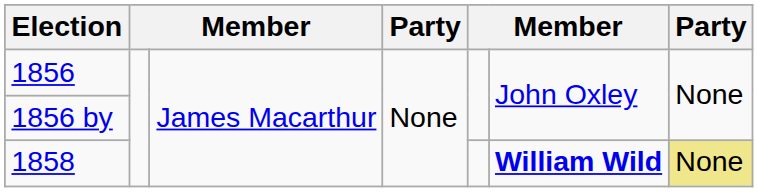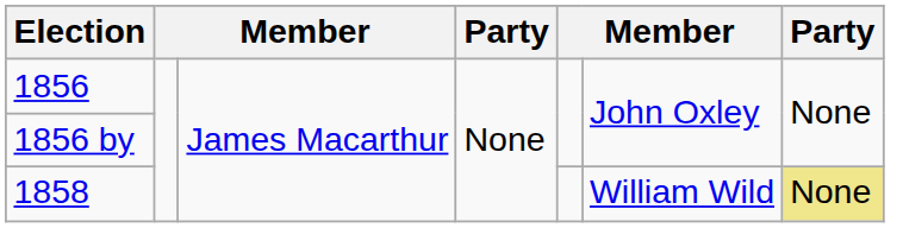 <table class="wikitable">
 <tr>
 <th>Election</th>
 <th colspan="2">Member</th>
 <th>Party</th>
 <th colspan="2">Member</th>
 <th>Party</th>
 </tr>
 <tr>
 <td><a href='#'>1856</a></td>
 <td rowspan="3" > </td>
 <td rowspan="3"><a href='#'>James Macarthur</a></td>
 <td rowspan="3">None</td>
 <td rowspan="2" > </td>
 <td rowspan="2"><a href='#'>John Oxley</a></td>
 <td rowspan="2">None</td>
 </tr>
 <tr>
 <td><a href='#'>1856 by</a></td>
 </tr>
 <tr>
 <td><a href='#'>1858</a></td>
 <td> </td>
-<td><strong><a href='#'>William Wild</a></strong></td>
+<td><a href='#'>William Wild</a></td>
 <td style="background: khaki;">None</td>
 </tr>
 </table>
